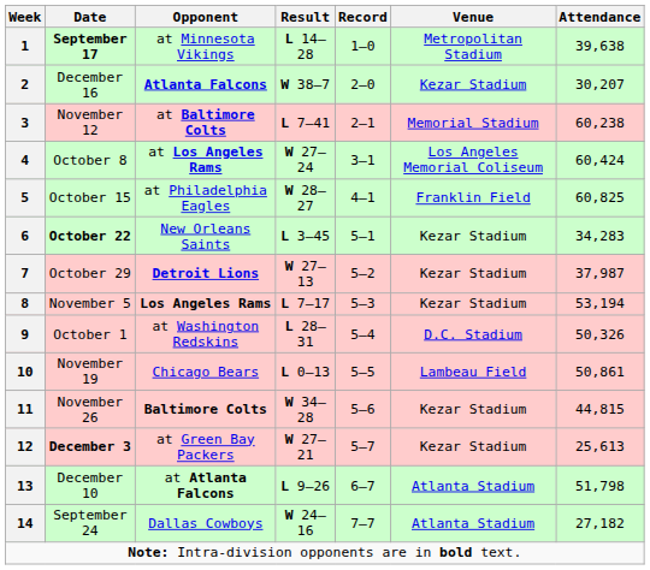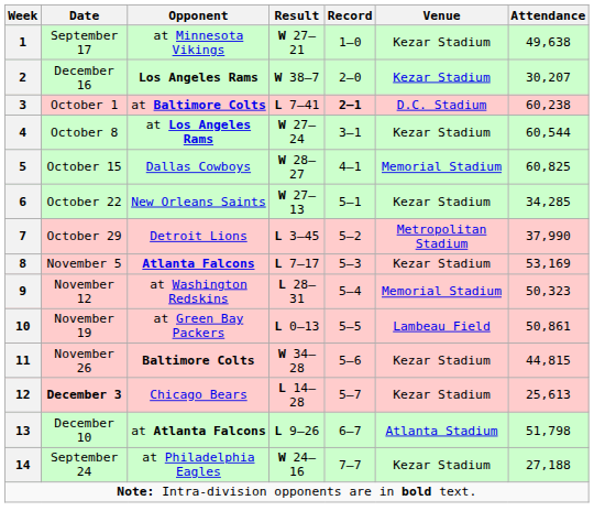 <table class="wikitable" style="text-align:center">
 <tr>
 <th>Week</th>
 <th>Date</th>
 <th>Opponent</th>
 <th>Result</th>
 <th>Record</th>
 <th>Venue</th>
 <th>Attendance</th>
 </tr>
 <tr style="background:#cfc">
 <th>1</th>
-<td><strong>September 17</strong></td>
+<td>September 17</td>
 <td>at <a href='#'>Minnesota Vikings</a></td>
-<td><strong>L</strong> 14–28</td>
+<td><strong>W</strong> 27–21</td>
 <td>1–0</td>
-<td><a href='#'>Metropolitan Stadium</a></td>
-<td>39,638</td>
+<td>Kezar Stadium</td>
+<td>49,638</td>
 </tr>
 <tr style="background:#cfc">
 <th>2</th>
 <td>December 16</td>
-<td><strong><a href='#'>Atlanta Falcons</a></strong></td>
+<td><strong>Los Angeles Rams</strong></td>
 <td><strong>W</strong> 38–7</td>
 <td>2–0</td>
 <td><a href='#'>Kezar Stadium</a></td>
 <td>30,207</td>
 </tr>
 <tr style="background:#fcc">
 <th>3</th>
-<td>November 12</td>
+<td>October 1</td>
 <td>at <strong><a href='#'>Baltimore Colts</a></strong></td>
 <td><strong>L</strong> 7–41</td>
-<td>2–1</td>
-<td><a href='#'>Memorial Stadium</a></td>
+<td><strong>2–1</strong></td>
+<td><a href='#'>D.C. Stadium</a></td>
 <td>60,238</td>
 </tr>
 <tr style="background:#cfc">
 <th>4</th>
 <td>October 8</td>
 <td>at <strong><a href='#'>Los Angeles Rams</a></strong></td>
 <td><strong>W</strong> 27–24</td>
 <td>3–1</td>
-<td><a href='#'>Los Angeles Memorial Coliseum</a></td>
-<td>60,424</td>
+<td>Kezar Stadium</td>
+<td>60,544</td>
 </tr>
 <tr style="background:#cfc">
 <th>5</th>
 <td>October 15</td>
-<td>at <a href='#'>Philadelphia Eagles</a></td>
+<td><a href='#'>Dallas Cowboys</a></td>
 <td><strong>W</strong> 28–27</td>
 <td>4–1</td>
-<td><a href='#'>Franklin Field</a></td>
+<td><a href='#'>Memorial Stadium</a></td>
 <td>60,825</td>
 </tr>
 <tr style="background:#cfc">
 <th>6</th>
-<td><strong>October 22</strong></td>
+<td>October 22</td>
 <td><a href='#'>New Orleans Saints</a></td>
-<td><strong>L</strong> 3–45</td>
+<td><strong>W</strong> 27–13</td>
 <td>5–1</td>
 <td>Kezar Stadium</td>
-<td>34,283</td>
+<td>34,285</td>
 </tr>
 <tr style="background:#fcc">
 <th>7</th>
 <td>October 29</td>
-<td><strong><a href='#'>Detroit Lions</a></strong></td>
-<td><strong>W</strong> 27–13</td>
+<td><a href='#'>Detroit Lions</a></td>
+<td><strong>L</strong> 3–45</td>
 <td>5–2</td>
-<td>Kezar Stadium</td>
-<td>37,987</td>
+<td><a href='#'>Metropolitan Stadium</a></td>
+<td>37,990</td>
 </tr>
 <tr style="background:#fcc">
 <th>8</th>
 <td>November 5</td>
-<td><strong>Los Angeles Rams</strong></td>
+<td><strong><a href='#'>Atlanta Falcons</a></strong></td>
 <td><strong>L</strong> 7–17</td>
 <td>5–3</td>
 <td>Kezar Stadium</td>
-<td>53,194</td>
+<td>53,169</td>
 </tr>
 <tr style="background:#fcc">
 <th>9</th>
-<td>October 1</td>
+<td>November 12</td>
 <td>at <a href='#'>Washington Redskins</a></td>
 <td><strong>L</strong> 28–31</td>
 <td>5–4</td>
-<td><a href='#'>D.C. Stadium</a></td>
-<td>50,326</td>
+<td><a href='#'>Memorial Stadium</a></td>
+<td>50,323</td>
 </tr>
 <tr style="background:#fcc">
 <th>10</th>
 <td>November 19</td>
-<td><a href='#'>Chicago Bears</a></td>
+<td>at <a href='#'>Green Bay Packers</a></td>
 <td><strong>L</strong> 0–13</td>
 <td>5–5</td>
 <td><a href='#'>Lambeau Field</a></td>
 <td>50,861</td>
 </tr>
 <tr style="background:#fcc">
 <th>11</th>
 <td>November 26</td>
 <td><strong>Baltimore Colts</strong></td>
 <td><strong>W</strong> 34–28</td>
 <td>5–6</td>
 <td>Kezar Stadium</td>
 <td>44,815</td>
 </tr>
 <tr style="background:#fcc">
 <th>12</th>
 <td><strong>December 3</strong></td>
-<td>at <a href='#'>Green Bay Packers</a></td>
-<td><strong>W</strong> 27–21</td>
+<td><a href='#'>Chicago Bears</a></td>
+<td><strong>L</strong> 14–28</td>
 <td>5–7</td>
 <td>Kezar Stadium</td>
 <td>25,613</td>
 </tr>
 <tr style="background:#cfc">
 <th>13</th>
 <td>December 10</td>
 <td>at <strong>Atlanta Falcons</strong></td>
 <td><strong>L</strong> 9–26</td>
 <td>6–7</td>
 <td><a href='#'>Atlanta Stadium</a></td>
 <td>51,798</td>
 </tr>
 <tr style="background:#cfc">
 <th>14</th>
 <td>September 24</td>
-<td><a href='#'>Dallas Cowboys</a></td>
+<td>at <a href='#'>Philadelphia Eagles</a></td>
 <td><strong>W</strong> 24–16</td>
 <td>7–7</td>
-<td><a href='#'>Atlanta Stadium</a></td>
-<td>27,182</td>
+<td>Kezar Stadium</td>
+<td>27,188</td>
 </tr>
 <tr>
 <td colspan="8"><strong>Note:</strong> Intra-division opponents are in <strong>bold</strong> text.</td>
 </tr>
 </table>
